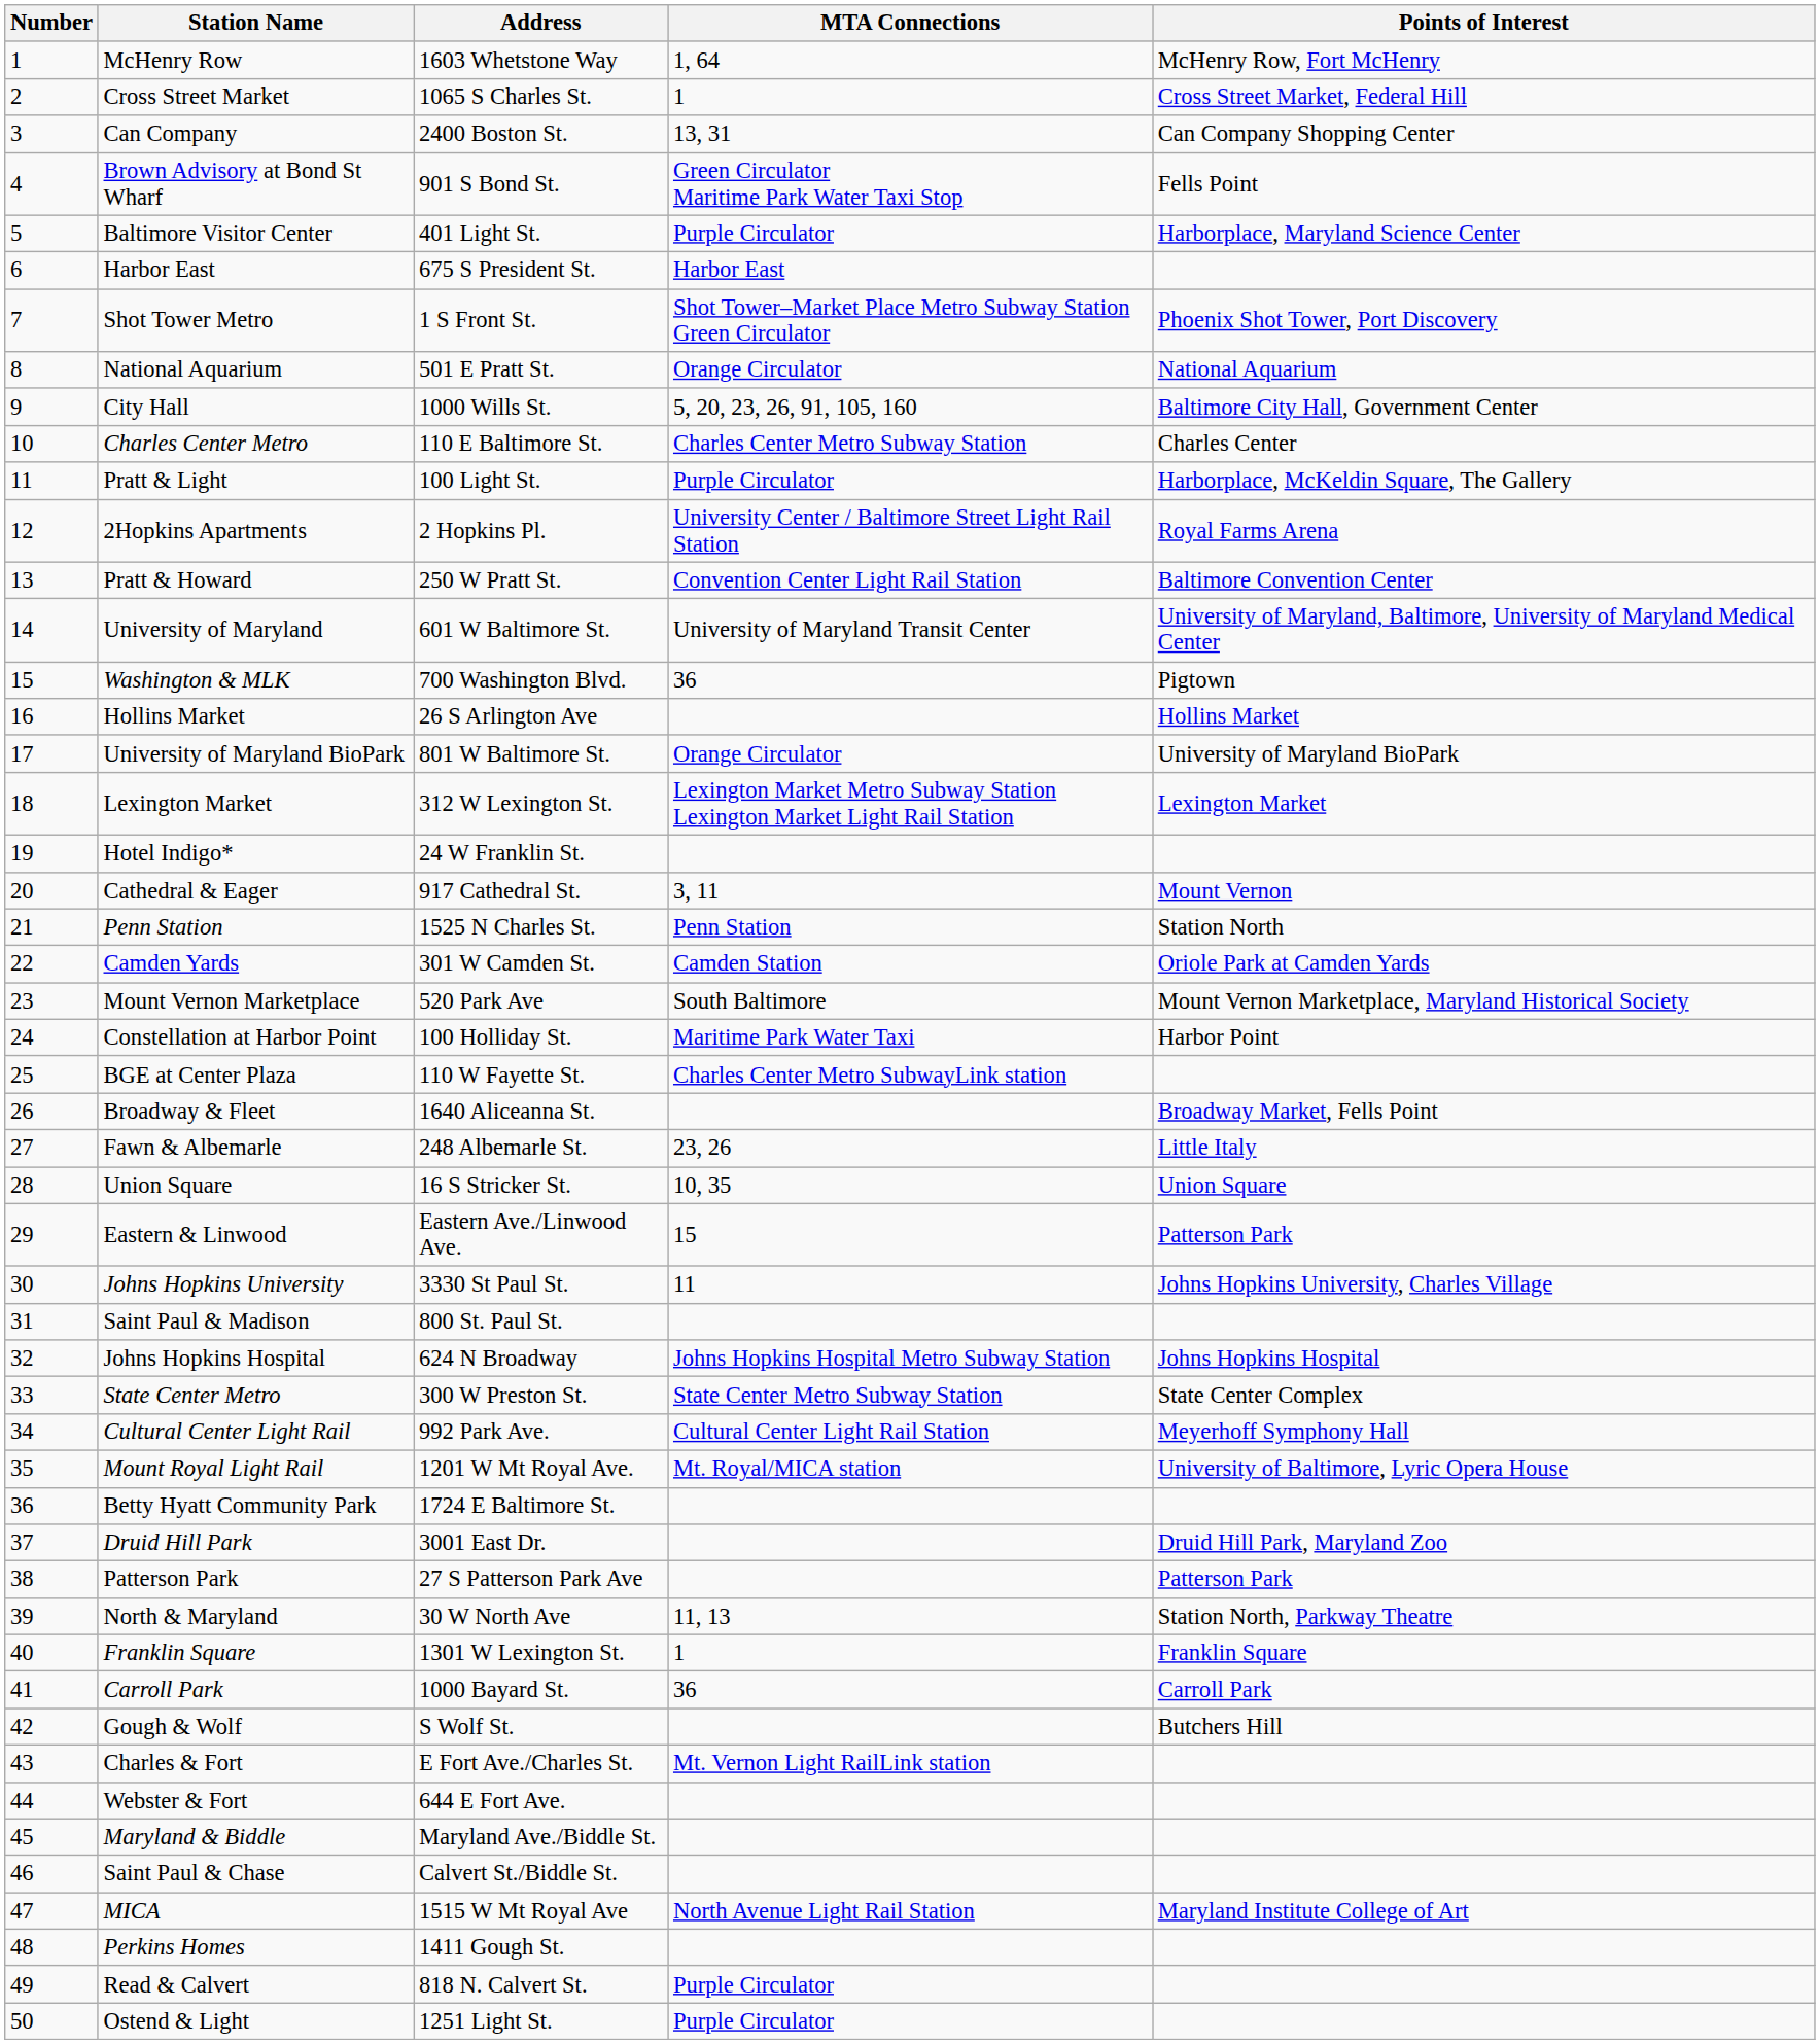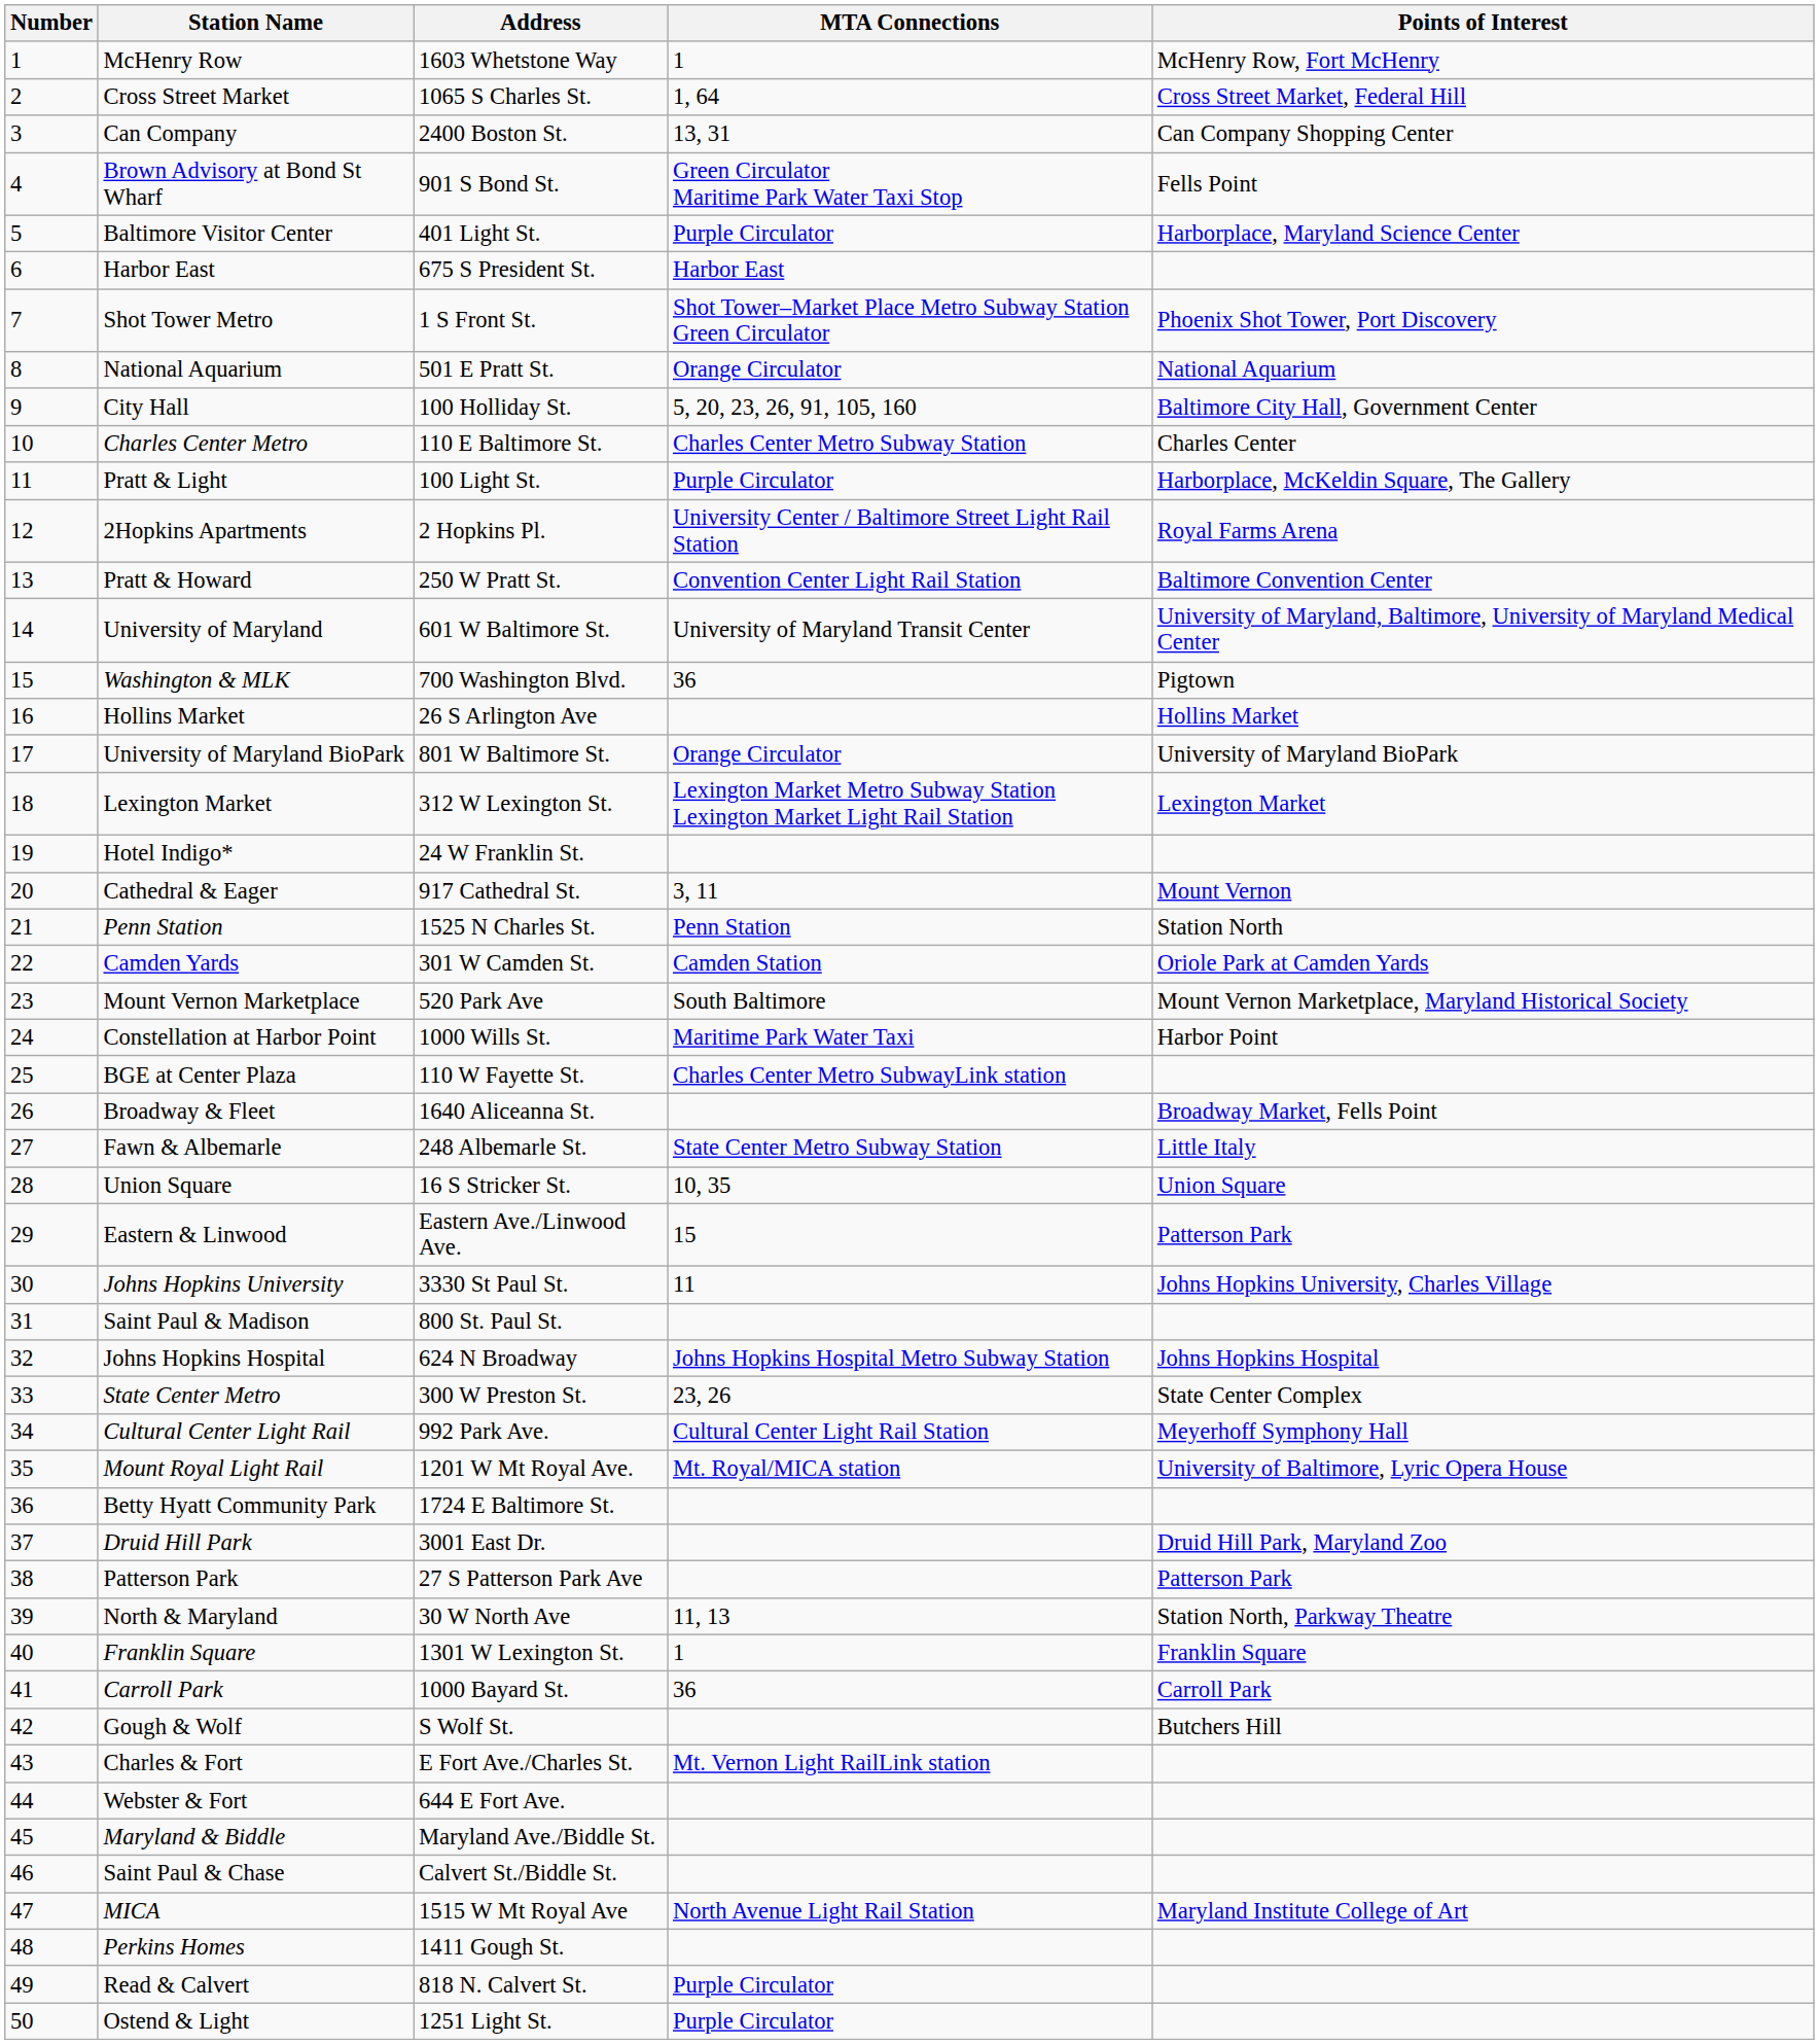 <table class="wikitable">
 <tr>
 <th>Number</th>
 <th>Station Name</th>
 <th>Address</th>
 <th>MTA Connections</th>
 <th>Points of Interest</th>
 </tr>
 <tr>
 <td>1</td>
 <td>McHenry Row</td>
 <td>1603 Whetstone Way</td>
-<td>1, 64</td>
+<td>1</td>
 <td>McHenry Row, <a href='#'>Fort McHenry</a></td>
 </tr>
 <tr>
 <td>2</td>
 <td>Cross Street Market</td>
 <td>1065 S Charles St.</td>
-<td>1</td>
+<td>1, 64</td>
 <td><a href='#'>Cross Street Market</a>, <a href='#'>Federal Hill</a></td>
 </tr>
 <tr>
 <td>3</td>
 <td>Can Company</td>
 <td>2400 Boston St.</td>
 <td>13, 31</td>
 <td>Can Company Shopping Center</td>
 </tr>
 <tr>
 <td>4</td>
 <td><a href='#'>Brown Advisory</a> at Bond St Wharf</td>
 <td>901 S Bond St.</td>
 <td><a href='#'>Green Circulator</a><br><a href='#'>Maritime Park Water Taxi Stop</a></td>
 <td>Fells Point</td>
 </tr>
 <tr>
 <td>5</td>
 <td>Baltimore Visitor Center</td>
 <td>401 Light St.</td>
 <td><a href='#'>Purple Circulator</a></td>
 <td><a href='#'>Harborplace</a>, <a href='#'>Maryland Science Center</a></td>
 </tr>
 <tr>
 <td>6</td>
 <td>Harbor East</td>
 <td>675 S President St.</td>
 <td><a href='#'>Harbor East</a></td>
 </tr>
 <tr>
 <td>7</td>
 <td>Shot Tower Metro</td>
 <td>1 S Front St.</td>
 <td><a href='#'>Shot Tower–Market Place Metro Subway Station</a><br><a href='#'>Green Circulator</a></td>
 <td><a href='#'>Phoenix Shot Tower</a>, <a href='#'>Port Discovery</a></td>
 </tr>
 <tr>
 <td>8</td>
 <td>National Aquarium</td>
 <td>501 E Pratt St.</td>
 <td><a href='#'>Orange Circulator</a></td>
 <td><a href='#'>National Aquarium</a></td>
 </tr>
 <tr>
 <td>9</td>
 <td>City Hall</td>
-<td>1000 Wills St.</td>
+<td>100 Holliday St.</td>
 <td>5, 20, 23, 26, 91, 105, 160</td>
 <td><a href='#'>Baltimore City Hall</a>, Government Center</td>
 </tr>
 <tr>
 <td>10</td>
 <td><em>Charles Center Metro</em></td>
 <td>110 E Baltimore St.</td>
 <td><a href='#'>Charles Center Metro Subway Station</a></td>
 <td>Charles Center</td>
 </tr>
 <tr>
 <td>11</td>
 <td>Pratt & Light</td>
 <td>100 Light St.</td>
 <td><a href='#'>Purple Circulator</a></td>
 <td><a href='#'>Harborplace</a>, <a href='#'>McKeldin Square</a>, The Gallery</td>
 </tr>
 <tr>
 <td>12</td>
 <td>2Hopkins Apartments</td>
 <td>2 Hopkins Pl.</td>
 <td><a href='#'>University Center / Baltimore Street Light Rail Station</a></td>
 <td><a href='#'>Royal Farms Arena</a></td>
 </tr>
 <tr>
 <td>13</td>
 <td>Pratt & Howard</td>
 <td>250 W Pratt St.</td>
 <td><a href='#'>Convention Center Light Rail Station</a></td>
 <td><a href='#'>Baltimore Convention Center</a></td>
 </tr>
 <tr>
 <td>14</td>
 <td>University of Maryland</td>
 <td>601 W Baltimore St.</td>
 <td>University of Maryland Transit Center</td>
 <td><a href='#'>University of Maryland, Baltimore</a>, <a href='#'>University of Maryland Medical Center</a></td>
 </tr>
 <tr>
 <td>15</td>
 <td><em>Washington & MLK</em></td>
 <td>700 Washington Blvd.</td>
 <td>36</td>
 <td>Pigtown</td>
 </tr>
 <tr>
 <td>16</td>
 <td>Hollins Market</td>
 <td>26 S Arlington Ave</td>
 <td></td>
 <td><a href='#'>Hollins Market</a></td>
 </tr>
 <tr>
 <td>17</td>
 <td>University of Maryland BioPark</td>
 <td>801 W Baltimore St.</td>
 <td><a href='#'>Orange Circulator</a></td>
 <td>University of Maryland BioPark</td>
 </tr>
 <tr>
 <td>18</td>
 <td>Lexington Market</td>
 <td>312 W Lexington St.</td>
 <td><a href='#'>Lexington Market Metro Subway Station</a><br><a href='#'>Lexington Market Light Rail Station</a></td>
 <td><a href='#'>Lexington Market</a></td>
 </tr>
 <tr>
 <td>19</td>
 <td>Hotel Indigo*</td>
 <td>24 W Franklin St.</td>
 <td></td>
 <td></td>
 </tr>
 <tr>
 <td>20</td>
 <td>Cathedral & Eager</td>
 <td>917 Cathedral St.</td>
 <td>3, 11</td>
 <td><a href='#'>Mount Vernon</a></td>
 </tr>
 <tr>
 <td>21</td>
 <td><em>Penn Station</em></td>
 <td>1525 N Charles St.</td>
 <td><a href='#'>Penn Station</a></td>
 <td>Station North</td>
 </tr>
 <tr>
 <td>22</td>
 <td><a href='#'>Camden Yards</a></td>
 <td>301 W Camden St.</td>
 <td><a href='#'>Camden Station</a></td>
 <td><a href='#'>Oriole Park at Camden Yards</a></td>
 </tr>
 <tr>
 <td>23</td>
 <td>Mount Vernon Marketplace</td>
 <td>520 Park Ave</td>
 <td>South Baltimore</td>
 <td>Mount Vernon Marketplace, <a href='#'>Maryland Historical Society</a></td>
 </tr>
 <tr>
 <td>24</td>
 <td>Constellation at Harbor Point</td>
-<td>100 Holliday St.</td>
+<td>1000 Wills St.</td>
 <td><a href='#'>Maritime Park Water Taxi</a></td>
 <td>Harbor Point</td>
 </tr>
 <tr>
 <td>25</td>
 <td>BGE at Center Plaza</td>
 <td>110 W Fayette St.</td>
 <td><a href='#'>Charles Center Metro SubwayLink station</a></td>
 <td></td>
 </tr>
 <tr>
 <td>26</td>
 <td>Broadway & Fleet</td>
 <td>1640 Aliceanna St.</td>
 <td></td>
 <td><a href='#'>Broadway Market</a>, Fells Point</td>
 </tr>
 <tr>
 <td>27</td>
 <td>Fawn & Albemarle</td>
 <td>248 Albemarle St.</td>
-<td>23, 26</td>
+<td><a href='#'>State Center Metro Subway Station</a></td>
 <td><a href='#'>Little Italy</a></td>
 </tr>
 <tr>
 <td>28</td>
 <td>Union Square</td>
 <td>16 S Stricker St.</td>
 <td>10, 35</td>
 <td><a href='#'>Union Square</a></td>
 </tr>
 <tr>
 <td>29</td>
 <td>Eastern & Linwood</td>
 <td>Eastern Ave./Linwood Ave.</td>
 <td>15</td>
 <td><a href='#'>Patterson Park</a></td>
 </tr>
 <tr>
 <td>30</td>
 <td><em>Johns Hopkins University</em></td>
 <td>3330 St Paul St.</td>
 <td>11</td>
 <td><a href='#'>Johns Hopkins University</a>, <a href='#'>Charles Village</a></td>
 </tr>
 <tr>
 <td>31</td>
 <td>Saint Paul & Madison</td>
 <td>800 St. Paul St.</td>
 <td></td>
 <td></td>
 </tr>
 <tr>
 <td>32</td>
 <td>Johns Hopkins Hospital</td>
 <td>624 N Broadway</td>
 <td><a href='#'>Johns Hopkins Hospital Metro Subway Station</a></td>
 <td><a href='#'>Johns Hopkins Hospital</a></td>
 </tr>
 <tr>
 <td>33</td>
 <td><em>State Center Metro</em></td>
 <td>300 W Preston St.</td>
-<td><a href='#'>State Center Metro Subway Station</a></td>
+<td>23, 26</td>
 <td>State Center Complex</td>
 </tr>
 <tr>
 <td>34</td>
 <td><em>Cultural Center Light Rail</em></td>
 <td>992 Park Ave.</td>
 <td><a href='#'>Cultural Center Light Rail Station</a></td>
 <td><a href='#'>Meyerhoff Symphony Hall</a></td>
 </tr>
 <tr>
 <td>35</td>
 <td><em>Mount Royal Light Rail</em></td>
 <td>1201 W Mt Royal Ave.</td>
 <td><a href='#'>Mt. Royal/MICA station</a></td>
 <td><a href='#'>University of Baltimore</a>, <a href='#'>Lyric Opera House</a></td>
 </tr>
 <tr>
 <td>36</td>
 <td>Betty Hyatt Community Park</td>
 <td>1724 E Baltimore St.</td>
 <td></td>
 <td></td>
 </tr>
 <tr>
 <td>37</td>
 <td><em>Druid Hill Park</em></td>
 <td>3001 East Dr.</td>
 <td></td>
 <td><a href='#'>Druid Hill Park</a>, <a href='#'>Maryland Zoo</a></td>
 </tr>
 <tr>
 <td>38</td>
 <td>Patterson Park</td>
 <td>27 S Patterson Park Ave</td>
 <td></td>
 <td><a href='#'>Patterson Park</a></td>
 </tr>
 <tr>
 <td>39</td>
 <td>North & Maryland</td>
 <td>30 W North Ave</td>
 <td>11, 13</td>
 <td>Station North, <a href='#'>Parkway Theatre</a></td>
 </tr>
 <tr>
 <td>40</td>
 <td><em>Franklin Square</em></td>
 <td>1301 W Lexington St.</td>
 <td>1</td>
 <td><a href='#'>Franklin Square</a></td>
 </tr>
 <tr>
 <td>41</td>
 <td><em>Carroll Park</em></td>
 <td>1000 Bayard St.</td>
 <td>36</td>
 <td><a href='#'>Carroll Park</a></td>
 </tr>
 <tr>
 <td>42</td>
 <td>Gough & Wolf</td>
 <td>S Wolf St.</td>
 <td></td>
 <td>Butchers Hill</td>
 </tr>
 <tr>
 <td>43</td>
 <td>Charles & Fort</td>
 <td>E Fort Ave./Charles St.</td>
 <td><a href='#'>Mt. Vernon Light RailLink station</a></td>
 </tr>
 <tr>
 <td>44</td>
 <td>Webster & Fort</td>
 <td>644 E Fort Ave.</td>
 <td></td>
 <td></td>
 </tr>
 <tr>
 <td>45</td>
 <td><em>Maryland & Biddle</em></td>
 <td>Maryland Ave./Biddle St.</td>
 <td></td>
 <td></td>
 </tr>
 <tr>
 <td>46</td>
 <td>Saint Paul & Chase</td>
 <td>Calvert St./Biddle St.</td>
 <td></td>
 <td></td>
 </tr>
 <tr>
 <td>47</td>
 <td><em>MICA</em></td>
 <td>1515 W Mt Royal Ave</td>
 <td><a href='#'>North Avenue Light Rail Station</a></td>
 <td><a href='#'>Maryland Institute College of Art</a></td>
 </tr>
 <tr>
 <td>48</td>
 <td><em>Perkins Homes</em></td>
 <td>1411 Gough St.</td>
 <td></td>
 <td></td>
 </tr>
 <tr>
 <td>49</td>
 <td>Read & Calvert</td>
 <td>818 N. Calvert St.</td>
 <td><a href='#'>Purple Circulator</a></td>
 <td></td>
 </tr>
 <tr>
 <td>50</td>
 <td>Ostend & Light</td>
 <td>1251 Light St.</td>
 <td><a href='#'>Purple Circulator</a></td>
 <td></td>
 </tr>
 </table>
